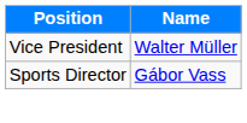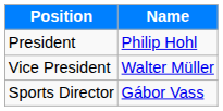 <table class="wikitable">
 <tr>
 <th style="color:#FFFFFF; background:#0080FF">Position</th>
 <th style="color:#FFFFFF; background:#0080FF">Name</th>
+</tr>
+<tr>
+<td>President</td>
+<td> <a href='#'>Philip Hohl</a></td>
 </tr>
 <tr>
 <td>Vice President</td>
 <td> <a href='#'>Walter Müller</a></td>
 </tr>
 <tr>
 <td>Sports Director</td>
 <td> <a href='#'>Gábor Vass</a></td>
 </tr>
 </table>
